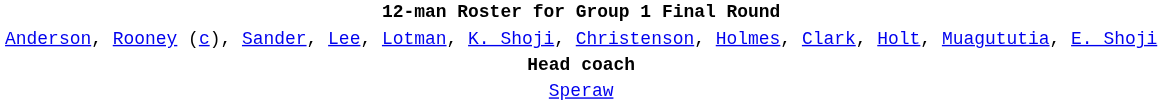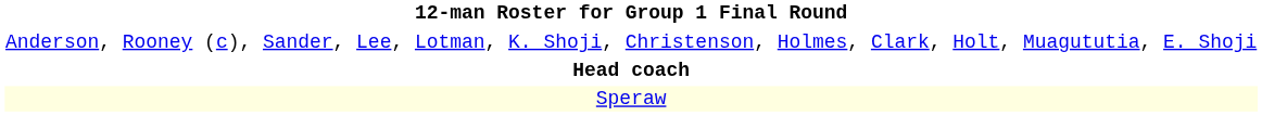 <table style="text-align: center; margin-top: 2em; margin-left: auto; margin-right: auto">
 <tr>
 <td><strong>12-man Roster for Group 1 Final Round</strong></td>
 </tr>
 <tr>
 <td><a href='#'>Anderson</a>, <a href='#'>Rooney</a> (<a href='#'>c</a>), <a href='#'>Sander</a>, <a href='#'>Lee</a>, <a href='#'>Lotman</a>, <a href='#'>K. Shoji</a>, <a href='#'>Christenson</a>, <a href='#'>Holmes</a>, <a href='#'>Clark</a>, <a href='#'>Holt</a>, <a href='#'>Muagututia</a>, <a href='#'>E. Shoji</a></td>
 </tr>
 <tr>
 <td><strong>Head coach</strong></td>
 </tr>
 <tr>
-<td><a href='#'>Speraw</a></td>
+<td style="background: lightyellow;"><a href='#'>Speraw</a></td>
 </tr>
 </table>
